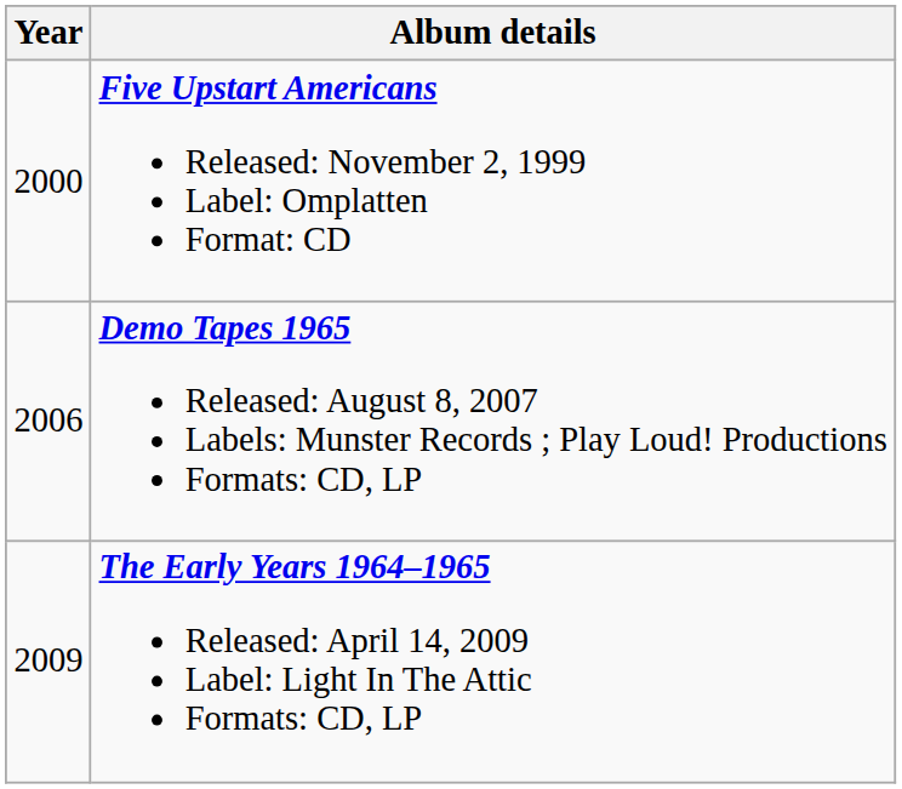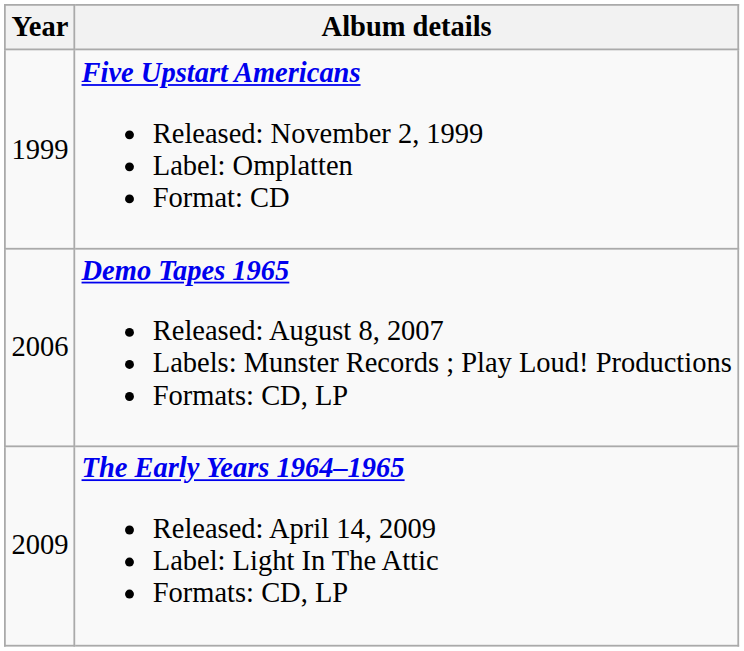 <table class="wikitable">
 <tr>
 <th>Year</th>
 <th>Album details</th>
 </tr>
 <tr>
-<td>2000</td>
+<td>1999</td>
 <td><strong><em><a href='#'>Five Upstart Americans</a></em></strong><br><ul><li>Released: November 2, 1999</li><li>Label: Omplatten </li><li>Format: CD</li></ul></td>
 </tr>
 <tr>
 <td>2006</td>
 <td><strong><em><a href='#'>Demo Tapes 1965</a></em></strong><br><ul><li>Released: August 8, 2007</li><li>Labels: Munster Records ; Play Loud! Productions </li><li>Formats: CD, LP</li></ul></td>
 </tr>
 <tr>
 <td>2009</td>
 <td><strong><em><a href='#'>The Early Years 1964–1965</a></em></strong><br><ul><li>Released: April 14, 2009</li><li>Label: Light In The Attic </li><li>Formats: CD, LP</li></ul></td>
 </tr>
 </table>
